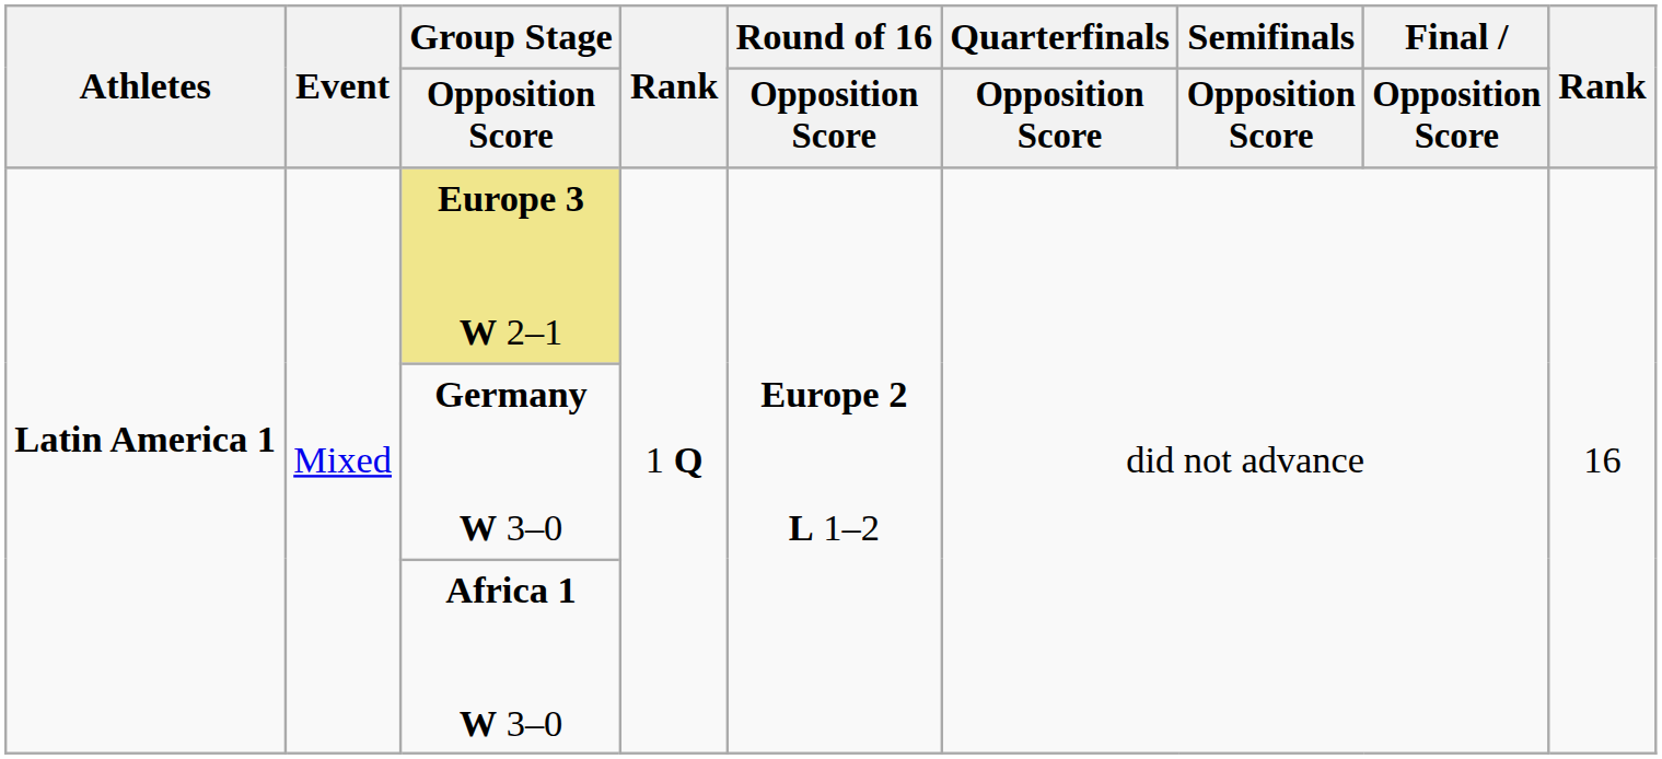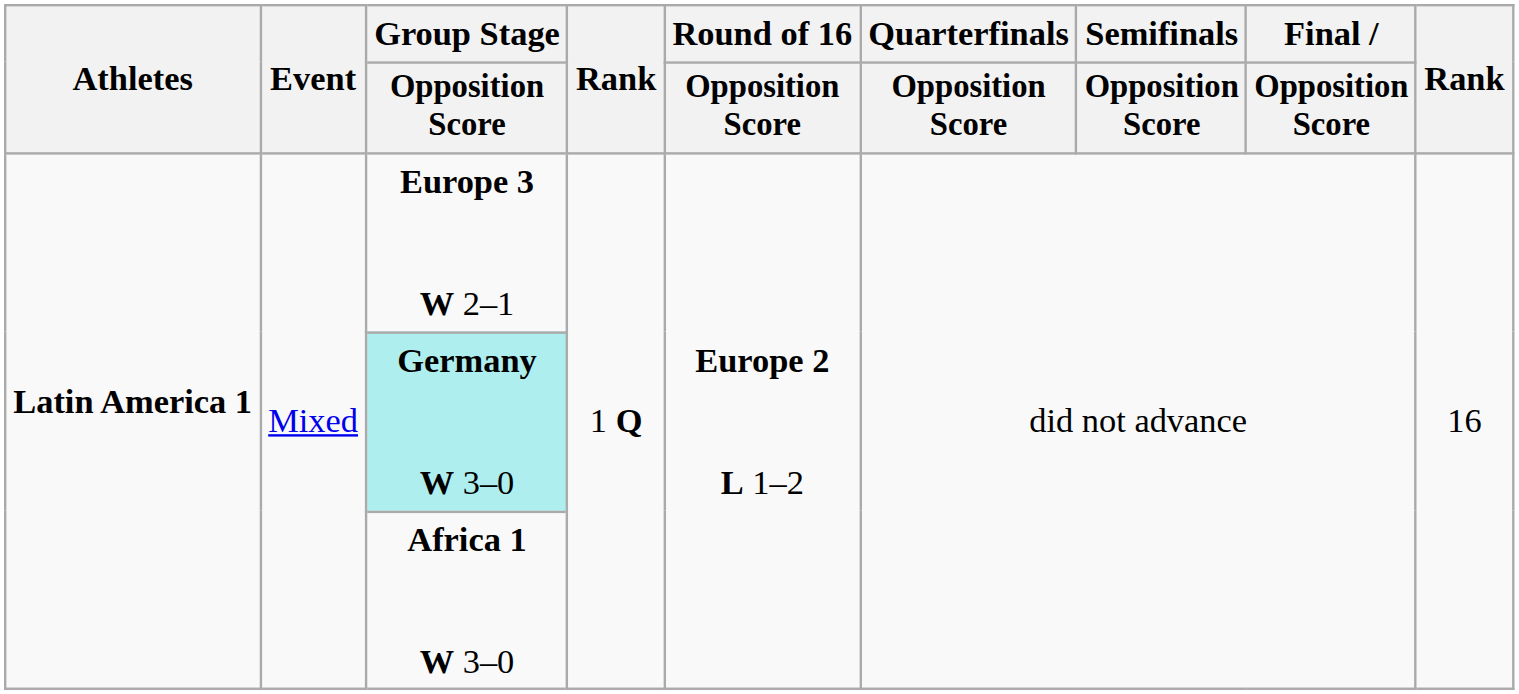 <table class=wikitable style="font-size:90%">
 <tr>
 <th rowspan="2">Athletes</th>
 <th rowspan="2">Event</th>
 <th>Group Stage</th>
 <th rowspan="2">Rank</th>
 <th>Round of 16</th>
 <th>Quarterfinals</th>
 <th>Semifinals</th>
 <th>Final / </th>
 <th rowspan=2>Rank</th>
 </tr>
 <tr style="font-size:95%">
 <th>Opposition<br>Score</th>
 <th>Opposition<br>Score</th>
 <th>Opposition<br>Score</th>
 <th>Opposition<br>Score</th>
 <th>Opposition<br>Score</th>
 </tr>
 <tr align=center>
 <td align=left rowspan=3><strong>Latin America 1</strong><br><br></td>
 <td align=left rowspan=3><a href='#'>Mixed</a></td>
-<td style="background: khaki;"><strong>Europe 3</strong><br><br><br><strong>W</strong> 2–1</td>
+<td><strong>Europe 3</strong><br><br><br><strong>W</strong> 2–1</td>
 <td rowspan=3>1 <strong>Q</strong></td>
 <td rowspan=3><strong>Europe 2</strong><br><br><br><strong>L</strong> 1–2</td>
 <td rowspan=3 colspan=3>did not advance</td>
 <td rowspan=3>16</td>
 </tr>
 <tr align=center>
-<td><strong>Germany</strong><br><br><br><strong>W</strong> 3–0</td>
+<td style="background: paleturquoise;"><strong>Germany</strong><br><br><br><strong>W</strong> 3–0</td>
 </tr>
 <tr align=center>
 <td><strong>Africa 1</strong><br><br><br><strong>W</strong> 3–0</td>
 </tr>
 </table>
